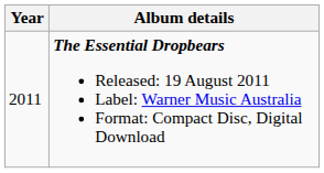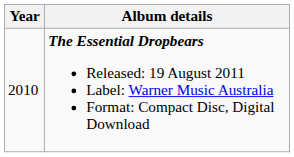 <table class="wikitable">
 <tr>
 <th style="width:35px;">Year</th>
 <th style="width:250px;">Album details</th>
 </tr>
 <tr>
-<td>2011</td>
+<td>2010</td>
 <td><strong><em>The Essential Dropbears</em></strong> <br><ul><li>Released: 19 August 2011</li><li>Label: <a href='#'>Warner Music Australia</a></li><li>Format: Compact Disc, Digital Download</li></ul></td>
 </tr>
 </table>
